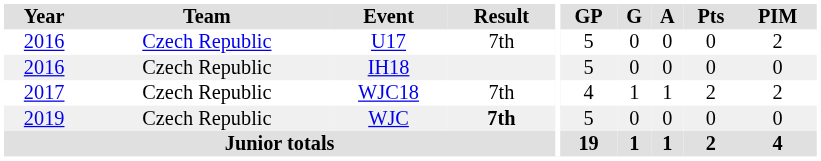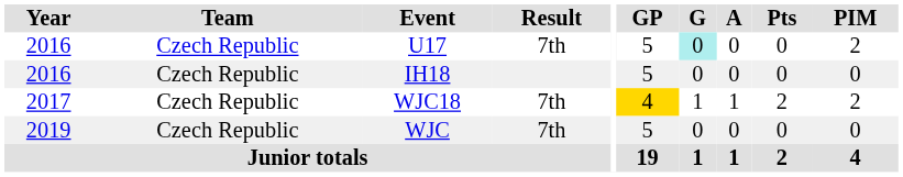 <table border="0" cellpadding="1" cellspacing="0" ID="Table3" style="text-align:center; width:40em">
 <tr ALIGN="center" bgcolor="#e0e0e0">
 <th>Year</th>
 <th>Team</th>
 <th>Event</th>
 <th>Result</th>
 <th rowspan="102" bgcolor="#ffffff"></th>
 <th>GP</th>
 <th>G</th>
 <th>A</th>
 <th>Pts</th>
 <th>PIM</th>
 </tr>
 <tr>
 <td><a href='#'>2016</a></td>
 <td><a href='#'>Czech Republic</a></td>
 <td><a href='#'>U17</a></td>
 <td>7th</td>
 <td>5</td>
-<td>0</td>
+<td style="background: paleturquoise;">0</td>
 <td>0</td>
 <td>0</td>
 <td>2</td>
 </tr>
 <tr bgcolor="#f0f0f0">
 <td><a href='#'>2016</a></td>
 <td>Czech Republic</td>
 <td><a href='#'>IH18</a></td>
 <td></td>
 <td>5</td>
 <td>0</td>
 <td>0</td>
 <td>0</td>
 <td>0</td>
 </tr>
 <tr>
 <td><a href='#'>2017</a></td>
 <td>Czech Republic</td>
 <td><a href='#'>WJC18</a></td>
 <td>7th</td>
-<td>4</td>
+<td style="background: gold;">4</td>
 <td>1</td>
 <td>1</td>
 <td>2</td>
 <td>2</td>
 </tr>
 <tr bgcolor="#f0f0f0">
 <td><a href='#'>2019</a></td>
 <td>Czech Republic</td>
 <td><a href='#'>WJC</a></td>
-<td><strong>7th</strong></td>
+<td>7th</td>
 <td>5</td>
 <td>0</td>
 <td>0</td>
 <td>0</td>
 <td>0</td>
 </tr>
 <tr bgcolor="#e0e0e0">
 <th colspan="4">Junior totals</th>
 <th>19</th>
 <th>1</th>
 <th>1</th>
 <th>2</th>
 <th>4</th>
 </tr>
 </table>
